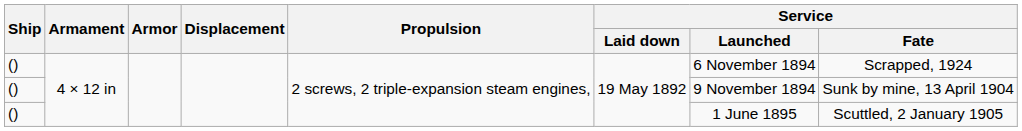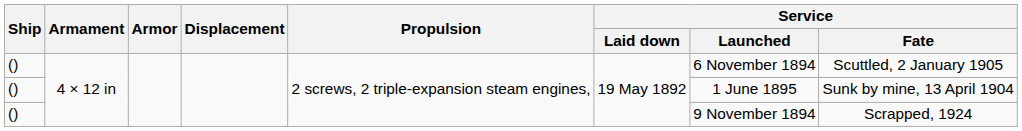 <table class="wikitable">
 <tr valign="center">
 <th align= center rowspan=2>Ship</th>
 <th align= center rowspan=2>Armament</th>
 <th align= center rowspan=2>Armor</th>
 <th align= center rowspan=2>Displacement</th>
 <th align= center rowspan=2>Propulsion</th>
 <th align= center colspan=3>Service</th>
 </tr>
 <tr valign="top">
 <th align= center>Laid down</th>
 <th align= center>Launched</th>
 <th align= center>Fate</th>
 </tr>
 <tr valign="center">
 <td align= left> ()</td>
 <td align= center rowspan=3>4 × 12 in</td>
 <td align= center rowspan=3></td>
 <td align= center rowspan=3></td>
 <td align= center rowspan=3>2 screws, 2 triple-expansion steam engines, </td>
 <td align= center rowspan=3>19 May 1892</td>
 <td align= center>6 November 1894</td>
-<td align= center>Scrapped, 1924</td>
+<td align= center>Scuttled, 2 January 1905</td>
+</tr>
+<tr valign="center">
+<td align= left> ()</td>
+<td align= center>1 June 1895</td>
+<td align= center>Sunk by mine, 13 April 1904</td>
 </tr>
 <tr valign="center">
 <td align= left> ()</td>
 <td align= center>9 November 1894</td>
-<td align= center>Sunk by mine, 13 April 1904</td>
-</tr>
-<tr valign="center">
-<td align= left> ()</td>
-<td align= center>1 June 1895</td>
-<td align= center>Scuttled, 2 January 1905</td>
+<td align= center>Scrapped, 1924</td>
 </tr>
 </table>
